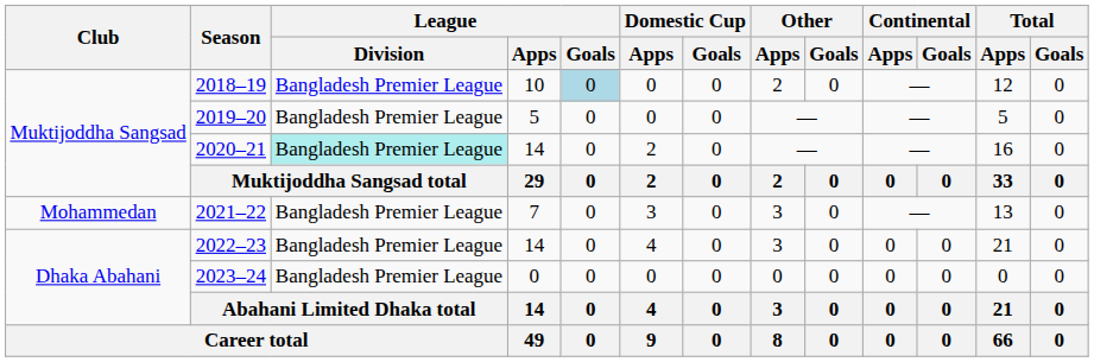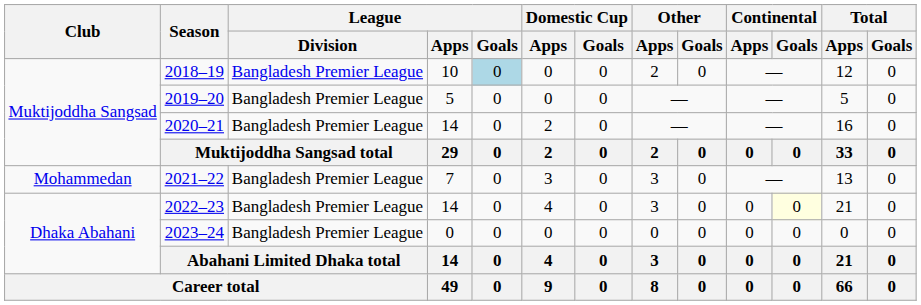 <table class="wikitable" style="text-align:center">
 <tr>
 <th rowspan="2">Club</th>
 <th rowspan="2">Season</th>
 <th colspan="3">League</th>
 <th colspan="2">Domestic Cup</th>
 <th colspan="2">Other</th>
 <th colspan="2">Continental</th>
 <th colspan="2">Total</th>
 </tr>
 <tr>
 <th>Division</th>
 <th>Apps</th>
 <th>Goals</th>
 <th>Apps</th>
 <th>Goals</th>
 <th>Apps</th>
 <th>Goals</th>
 <th>Apps</th>
 <th>Goals</th>
 <th>Apps</th>
 <th>Goals</th>
 </tr>
 <tr>
 <td rowspan=4><a href='#'>Muktijoddha Sangsad</a></td>
 <td><a href='#'>2018–19</a></td>
 <td><a href='#'>Bangladesh Premier League</a></td>
 <td>10</td>
 <td style="background: lightblue;">0</td>
 <td>0</td>
 <td>0</td>
 <td>2</td>
 <td>0</td>
 <td colspan="2">—</td>
 <td>12</td>
 <td>0</td>
 </tr>
 <tr>
 <td><a href='#'>2019–20</a></td>
 <td>Bangladesh Premier League</td>
 <td>5</td>
 <td>0</td>
 <td>0</td>
 <td>0</td>
 <td colspan="2">—</td>
 <td colspan="2">—</td>
 <td>5</td>
 <td>0</td>
 </tr>
 <tr>
 <td><a href='#'>2020–21</a></td>
-<td style="background: paleturquoise;">Bangladesh Premier League</td>
+<td>Bangladesh Premier League</td>
 <td>14</td>
 <td>0</td>
 <td>2</td>
 <td>0</td>
 <td colspan="2">—</td>
 <td colspan="2">—</td>
 <td>16</td>
 <td>0</td>
 </tr>
 <tr>
 <th colspan="2"><strong>Muktijoddha Sangsad total</strong></th>
 <th>29</th>
 <th>0</th>
 <th>2</th>
 <th>0</th>
 <th>2</th>
 <th>0</th>
 <th>0</th>
 <th>0</th>
 <th>33</th>
 <th>0</th>
 </tr>
 <tr>
 <td><a href='#'>Mohammedan</a></td>
 <td><a href='#'>2021–22</a></td>
 <td>Bangladesh Premier League</td>
 <td>7</td>
 <td>0</td>
 <td>3</td>
 <td>0</td>
 <td>3</td>
 <td>0</td>
 <td colspan="2">—</td>
 <td>13</td>
 <td>0</td>
 </tr>
 <tr>
 <td rowspan=3><a href='#'>Dhaka Abahani</a></td>
 <td><a href='#'>2022–23</a></td>
 <td>Bangladesh Premier League</td>
 <td>14</td>
 <td>0</td>
 <td>4</td>
 <td>0</td>
 <td>3</td>
 <td>0</td>
 <td>0</td>
-<td>0</td>
+<td style="background: lightyellow;">0</td>
 <td>21</td>
 <td>0</td>
 </tr>
 <tr>
 <td><a href='#'>2023–24</a></td>
 <td>Bangladesh Premier League</td>
 <td>0</td>
 <td>0</td>
 <td>0</td>
 <td>0</td>
 <td>0</td>
 <td>0</td>
 <td>0</td>
 <td>0</td>
 <td>0</td>
 <td>0</td>
 </tr>
 <tr>
 <th colspan="2"><strong>Abahani Limited Dhaka total</strong></th>
 <th>14</th>
 <th>0</th>
 <th>4</th>
 <th>0</th>
 <th>3</th>
 <th>0</th>
 <th>0</th>
 <th>0</th>
 <th>21</th>
 <th>0</th>
 </tr>
 <tr>
 <th colspan="3">Career total</th>
 <th>49</th>
 <th>0</th>
 <th>9</th>
 <th>0</th>
 <th>8</th>
 <th>0</th>
 <th>0</th>
 <th>0</th>
 <th>66</th>
 <th>0</th>
 </tr>
 </table>
